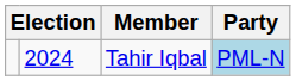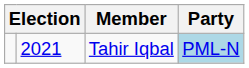 <table class="wikitable">
 <tr>
 <th colspan="2">Election</th>
 <th>Member</th>
 <th>Party</th>
 </tr>
 <tr>
 <td style="background-color: "></td>
-<td><a href='#'>2024</a></td>
+<td><a href='#'>2021</a></td>
 <td><a href='#'>Tahir Iqbal</a></td>
 <td style="background: lightblue;"><a href='#'>PML-N</a></td>
 </tr>
 </table>
